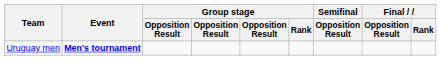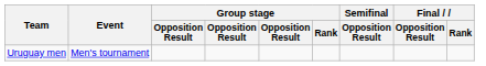 <table class=wikitable style=font-size:90%;text-align:center>
 <tr>
 <th rowspan=2>Team</th>
 <th rowspan=2>Event</th>
 <th colspan=4>Group stage</th>
 <th>Semifinal</th>
 <th colspan=2>Final /  / </th>
 </tr>
 <tr style=font-size:95%>
 <th>Opposition<br>Result</th>
 <th>Opposition<br>Result</th>
 <th>Opposition<br>Result</th>
 <th>Rank</th>
 <th>Opposition<br>Result</th>
 <th>Opposition<br>Result</th>
 <th>Rank</th>
 </tr>
 <tr>
 <td align=left><a href='#'>Uruguay men</a></td>
-<td align=left><strong><a href='#'>Men's tournament</a></strong></td>
+<td align=left><a href='#'>Men's tournament</a></td>
 <td></td>
 <td></td>
 <td></td>
 <td></td>
 <td></td>
 <td></td>
 <td></td>
 </tr>
 </table>
